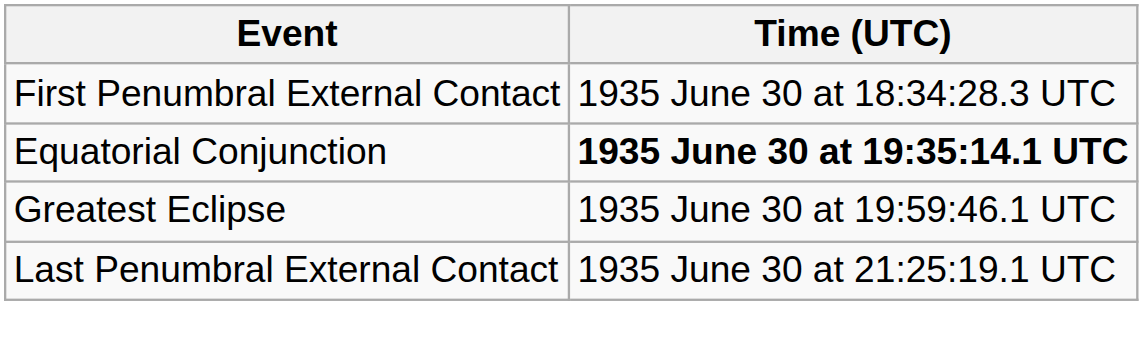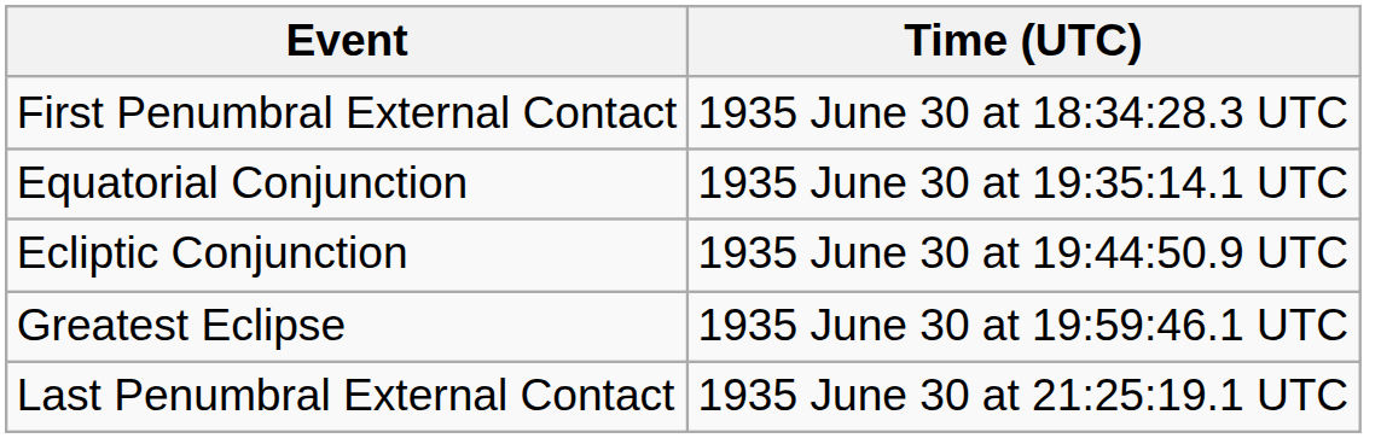 <table class="wikitable">
 <tr>
 <th>Event</th>
 <th>Time (UTC)</th>
 </tr>
 <tr>
 <td>First Penumbral External Contact</td>
 <td>1935 June 30 at 18:34:28.3 UTC</td>
 </tr>
 <tr>
 <td>Equatorial Conjunction</td>
-<td><strong>1935 June 30 at 19:35:14.1 UTC</strong></td>
+<td>1935 June 30 at 19:35:14.1 UTC</td>
+</tr>
+<tr>
+<td>Ecliptic Conjunction</td>
+<td>1935 June 30 at 19:44:50.9 UTC</td>
 </tr>
 <tr>
 <td>Greatest Eclipse</td>
 <td>1935 June 30 at 19:59:46.1 UTC</td>
 </tr>
 <tr>
 <td>Last Penumbral External Contact</td>
 <td>1935 June 30 at 21:25:19.1 UTC</td>
 </tr>
 </table>
